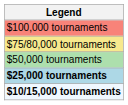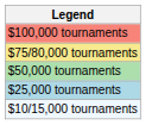 <table class=wikitable style=font-size:85%>
 <tr>
 <th>Legend</th>
 </tr>
 <tr style=background:#f88379>
 <td>$100,000 tournaments</td>
 </tr>
 <tr style=background:#f7e98e>
 <td>$75/80,000 tournaments</td>
 </tr>
 <tr style=background:#addfad>
 <td>$50,000 tournaments</td>
 </tr>
 <tr style=background:lightblue>
-<td><strong>$25,000 tournaments</strong></td>
+<td>$25,000 tournaments</td>
 </tr>
 <tr style="background:#f0f8ff">
-<td><strong>$10/15,000 tournaments</strong></td>
+<td>$10/15,000 tournaments</td>
 </tr>
 </table>
